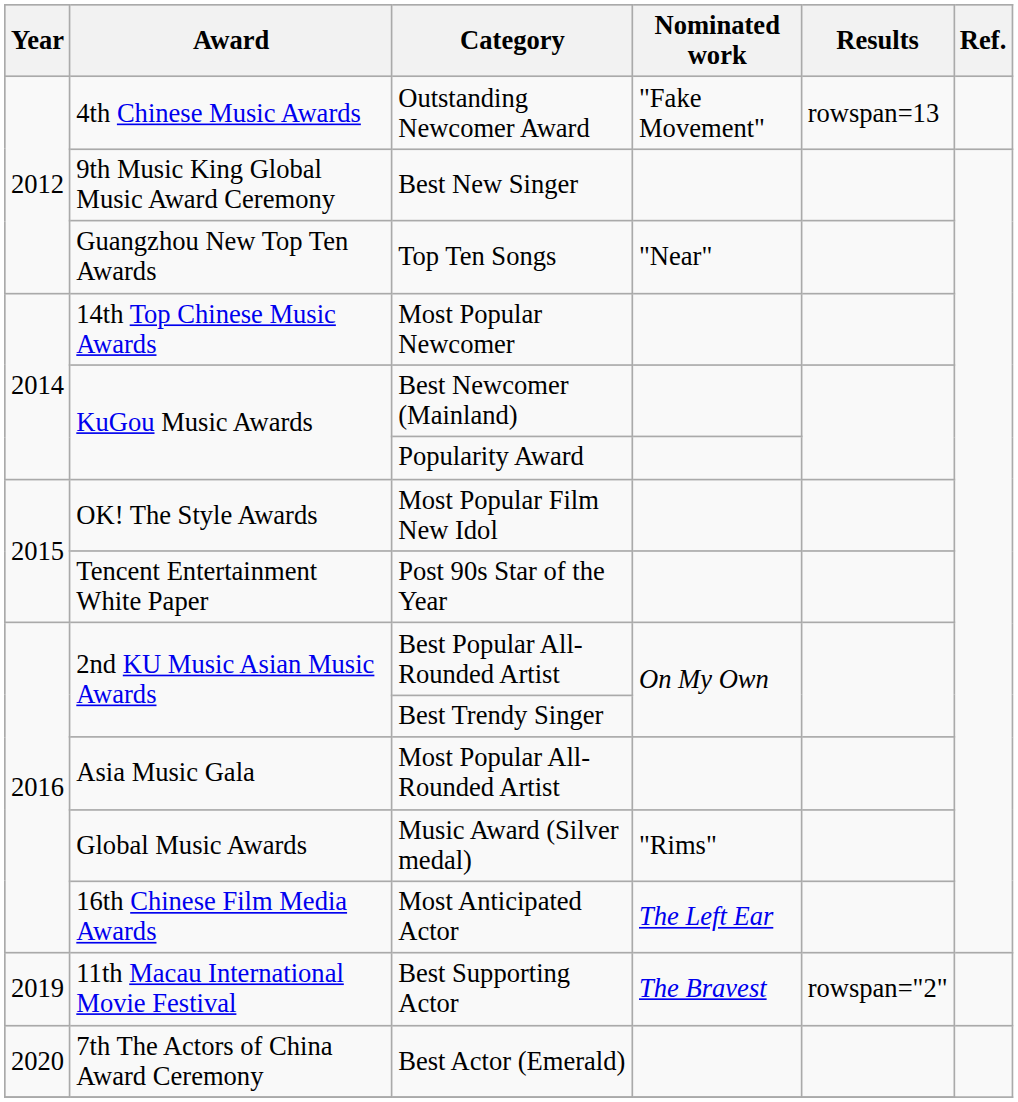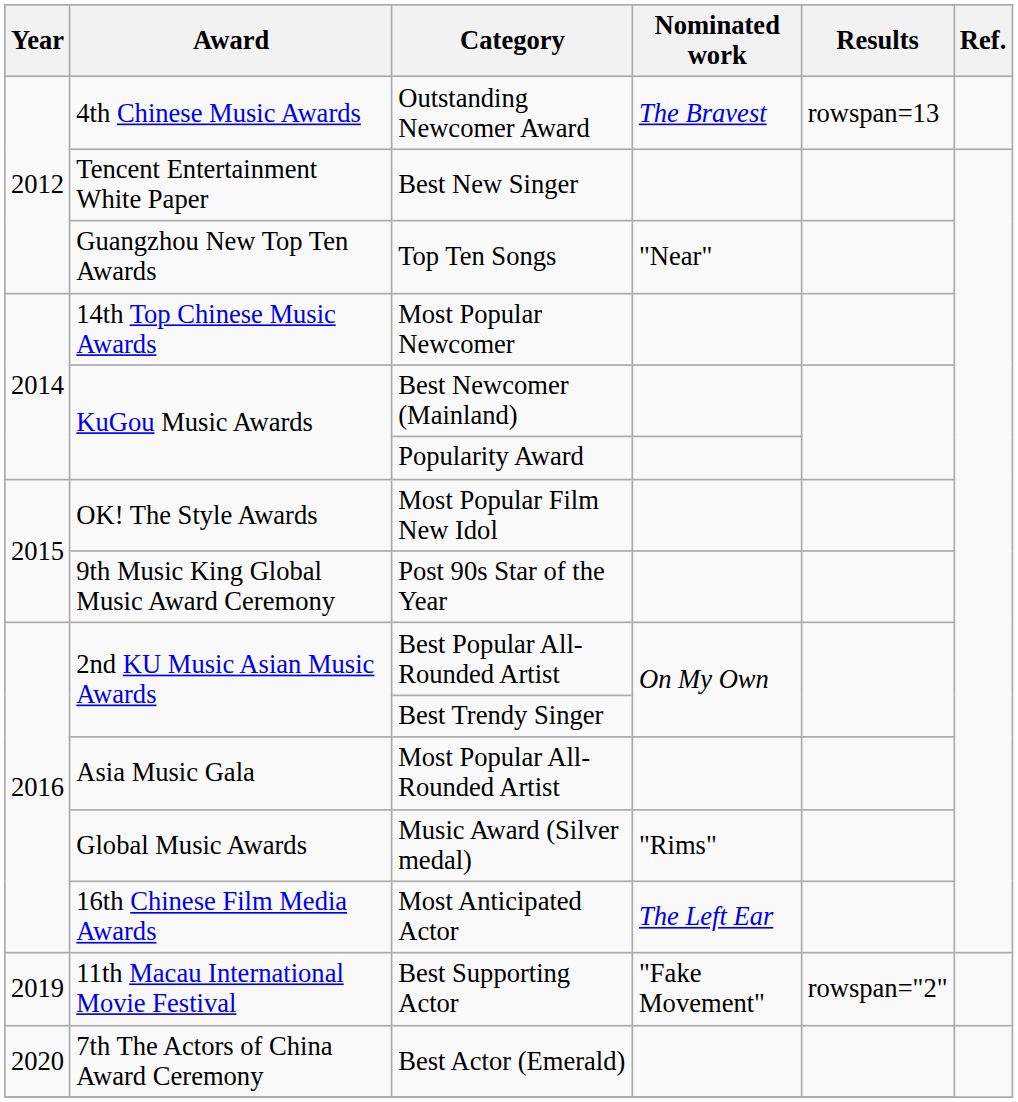 <table class="wikitable">
 <tr>
 <th>Year</th>
 <th>Award</th>
 <th>Category</th>
 <th>Nominated work</th>
 <th>Results</th>
 <th>Ref.</th>
 </tr>
 <tr>
 <td rowspan=3>2012</td>
 <td>4th <a href='#'>Chinese Music Awards</a></td>
 <td>Outstanding Newcomer Award</td>
-<td>"Fake Movement"</td>
+<td><em><a href='#'>The Bravest</a></em></td>
 <td>rowspan=13 </td>
 <td></td>
 </tr>
 <tr>
-<td>9th Music King Global Music Award Ceremony</td>
+<td>Tencent Entertainment White Paper</td>
 <td>Best New Singer</td>
 <td></td>
 <td></td>
 </tr>
 <tr>
 <td>Guangzhou New Top Ten Awards</td>
 <td>Top Ten Songs</td>
 <td>"Near"</td>
 <td></td>
 </tr>
 <tr>
 <td rowspan=3>2014</td>
 <td>14th <a href='#'>Top Chinese Music Awards</a></td>
 <td>Most Popular Newcomer</td>
 <td></td>
 <td></td>
 </tr>
 <tr>
 <td rowspan=2><a href='#'>KuGou</a> Music Awards</td>
 <td>Best Newcomer (Mainland)</td>
 <td></td>
 <td rowspan=2></td>
 </tr>
 <tr>
 <td>Popularity Award</td>
 <td></td>
 </tr>
 <tr>
 <td rowspan=2>2015</td>
 <td>OK! The Style Awards</td>
 <td>Most Popular Film New Idol</td>
 <td></td>
 <td></td>
 </tr>
 <tr>
-<td>Tencent Entertainment White Paper</td>
+<td>9th Music King Global Music Award Ceremony</td>
 <td>Post 90s Star of the Year</td>
 <td></td>
 <td></td>
 </tr>
 <tr>
 <td rowspan=5>2016</td>
 <td rowspan=2>2nd <a href='#'>KU Music Asian Music Awards</a></td>
 <td>Best Popular All-Rounded Artist</td>
 <td rowspan=2><em>On My Own</em></td>
 <td rowspan=2></td>
 </tr>
 <tr>
 <td>Best Trendy Singer</td>
 </tr>
 <tr>
 <td>Asia Music Gala</td>
 <td>Most Popular All-Rounded Artist</td>
 <td></td>
 <td></td>
 </tr>
 <tr>
 <td>Global Music Awards</td>
 <td>Music Award (Silver medal)</td>
 <td>"Rims"</td>
 <td></td>
 </tr>
 <tr>
 <td>16th <a href='#'>Chinese Film Media Awards</a></td>
 <td>Most Anticipated Actor</td>
 <td><em><a href='#'>The Left Ear</a></em></td>
 <td></td>
 </tr>
 <tr>
 <td>2019</td>
 <td>11th <a href='#'>Macau International Movie Festival</a></td>
 <td>Best Supporting Actor</td>
-<td><em><a href='#'>The Bravest</a></em></td>
+<td>"Fake Movement"</td>
 <td>rowspan="2" </td>
 <td></td>
 </tr>
 <tr>
 <td>2020</td>
 <td>7th The Actors of China Award Ceremony</td>
 <td>Best Actor (Emerald)</td>
 <td></td>
 <td></td>
 </tr>
 <tr>
 </tr>
 </table>
